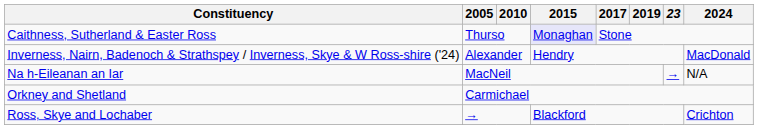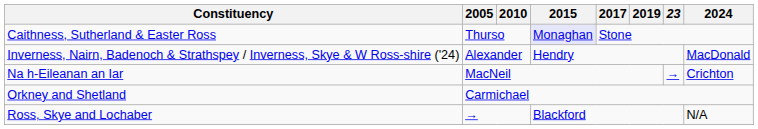 <table class="wikitable">
 <tr>
 <th>Constituency</th>
 <th>2005</th>
 <th>2010</th>
 <th>2015</th>
 <th>2017</th>
 <th>2019</th>
 <th><em>23</em></th>
 <th>2024</th>
 </tr>
 <tr>
 <td><a href='#'>Caithness, Sutherland & Easter Ross</a></td>
 <td colspan="2"><a href='#'>Thurso</a></td>
 <td style="background: lavender;"><a href='#'>Monaghan</a></td>
 <td colspan="4"><a href='#'>Stone</a></td>
 </tr>
 <tr>
 <td><a href='#'>Inverness, Nairn, Badenoch & Strathspey</a> / <a href='#'>Inverness, Skye & W Ross-shire</a> ('24)</td>
 <td colspan="2"><a href='#'>Alexander</a></td>
 <td colspan="4"><a href='#'>Hendry</a></td>
 <td><a href='#'>MacDonald</a></td>
 </tr>
 <tr>
 <td><a href='#'>Na h-Eileanan an Iar</a></td>
 <td colspan="5"><a href='#'>MacNeil</a></td>
 <td><a href='#'>→</a></td>
-<td>N/A</td>
+<td><a href='#'>Crichton</a></td>
 </tr>
 <tr>
 <td><a href='#'>Orkney and Shetland</a></td>
 <td colspan="7"><a href='#'>Carmichael</a></td>
 </tr>
 <tr>
 <td><a href='#'>Ross, Skye and Lochaber</a></td>
 <td colspan="2"><a href='#'>→</a></td>
 <td colspan="4"><a href='#'>Blackford</a></td>
-<td><a href='#'>Crichton</a></td>
+<td>N/A</td>
 </tr>
 </table>
